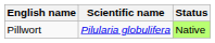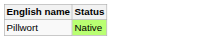 <table class="wikitable" |>
 <tr>
 <th>English name</th>
-<th>Scientific name</th>
 <th>Status</th>
 </tr>
 <tr>
 <td>Pillwort</td>
-<td><em><a href='#'>Pilularia globulifera</a></em></td>
 <td style="background: #B9FF72; text-align: ">Native</td>
 </tr>
 </table>
